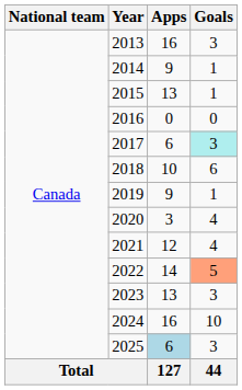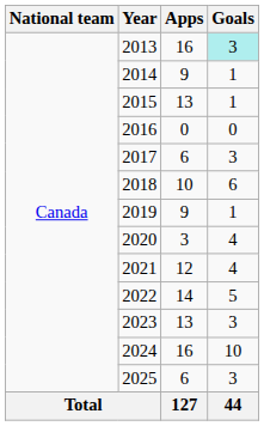 <table class="wikitable" style="text-align:center">
 <tr>
 <th>National team</th>
 <th>Year</th>
 <th>Apps</th>
 <th>Goals</th>
 </tr>
 <tr>
 <td rowspan="13"><a href='#'>Canada</a></td>
 <td>2013</td>
 <td>16</td>
-<td>3</td>
+<td style="background: paleturquoise;">3</td>
 </tr>
 <tr>
 <td>2014</td>
 <td>9</td>
 <td>1</td>
 </tr>
 <tr>
 <td>2015</td>
 <td>13</td>
 <td>1</td>
 </tr>
 <tr>
 <td>2016</td>
 <td>0</td>
 <td>0</td>
 </tr>
 <tr>
 <td>2017</td>
 <td>6</td>
-<td style="background: paleturquoise;">3</td>
+<td>3</td>
 </tr>
 <tr>
 <td>2018</td>
 <td>10</td>
 <td>6</td>
 </tr>
 <tr>
 <td>2019</td>
 <td>9</td>
 <td>1</td>
 </tr>
 <tr>
 <td>2020</td>
 <td>3</td>
 <td>4</td>
 </tr>
 <tr>
 <td>2021</td>
 <td>12</td>
 <td>4</td>
 </tr>
 <tr>
 <td>2022</td>
 <td>14</td>
-<td style="background: lightsalmon;">5</td>
+<td>5</td>
 </tr>
 <tr>
 <td>2023</td>
 <td>13</td>
 <td>3</td>
 </tr>
 <tr>
 <td>2024</td>
 <td>16</td>
 <td>10</td>
 </tr>
 <tr>
 <td>2025</td>
-<td style="background: lightblue;">6</td>
+<td>6</td>
 <td>3</td>
 </tr>
 <tr>
 <th colspan="2">Total</th>
 <th>127</th>
 <th>44</th>
 </tr>
 </table>
